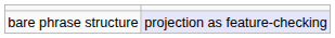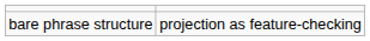 <table class="wikitable">
 <tr>
 <td></td>
 <td></td>
 </tr>
 <tr>
 <td>bare phrase structure</td>
-<td style="background: lavender;">projection as feature-checking</td>
+<td>projection as feature-checking</td>
 </tr>
 </table>
